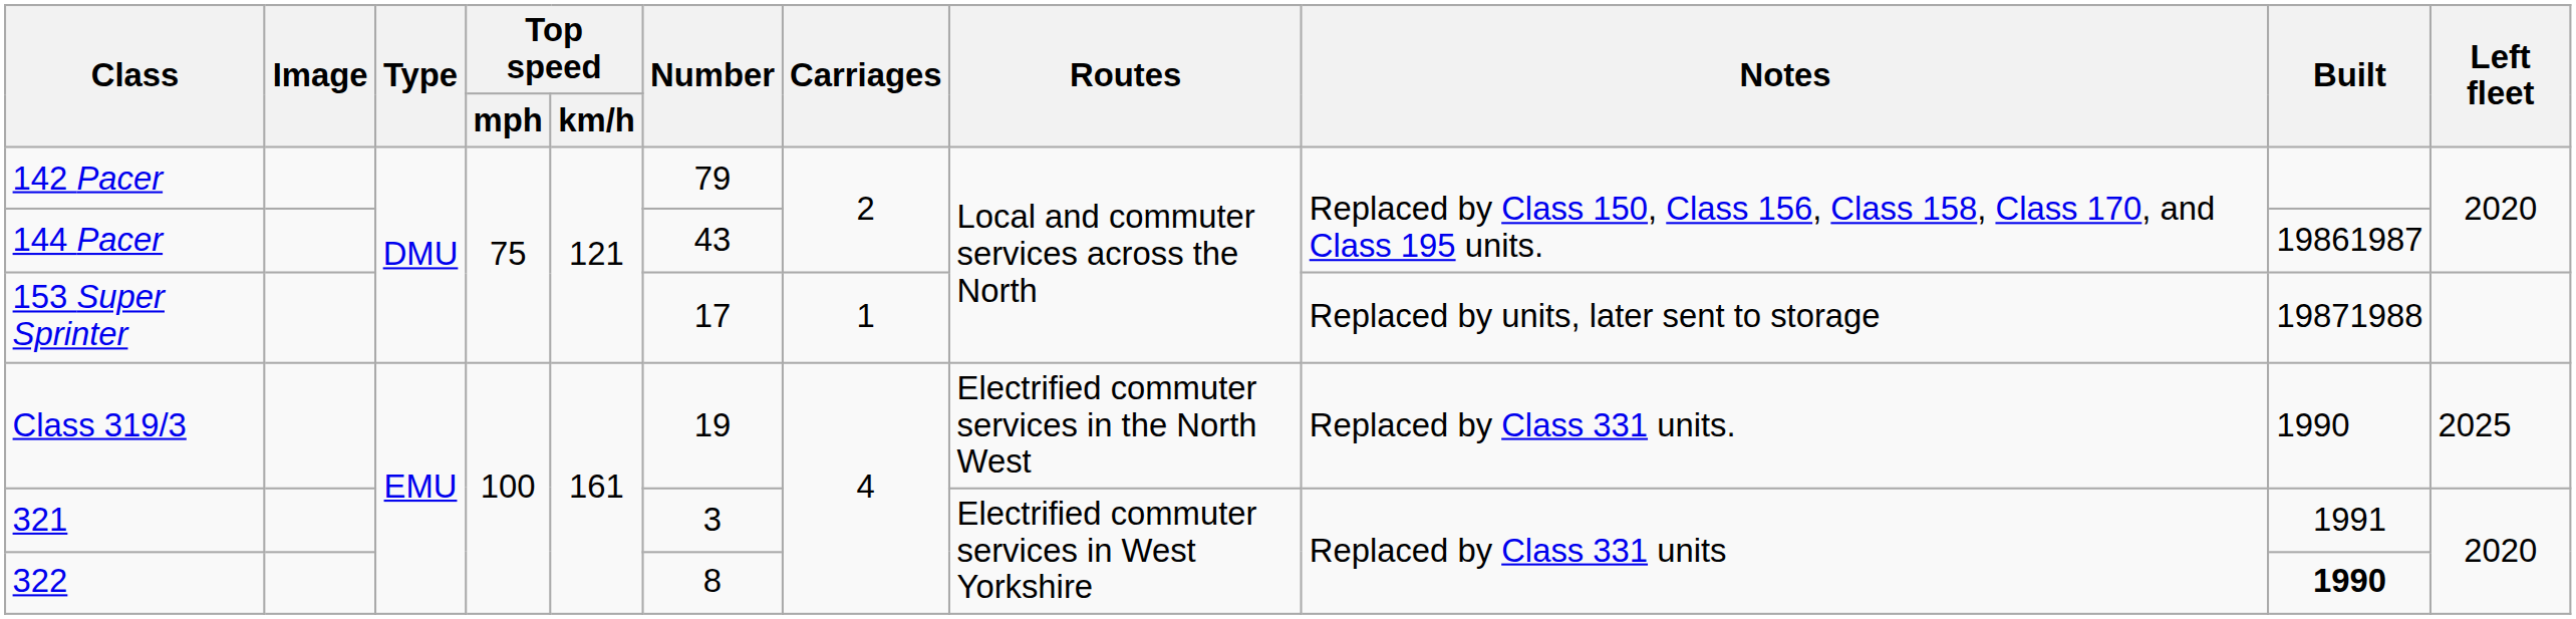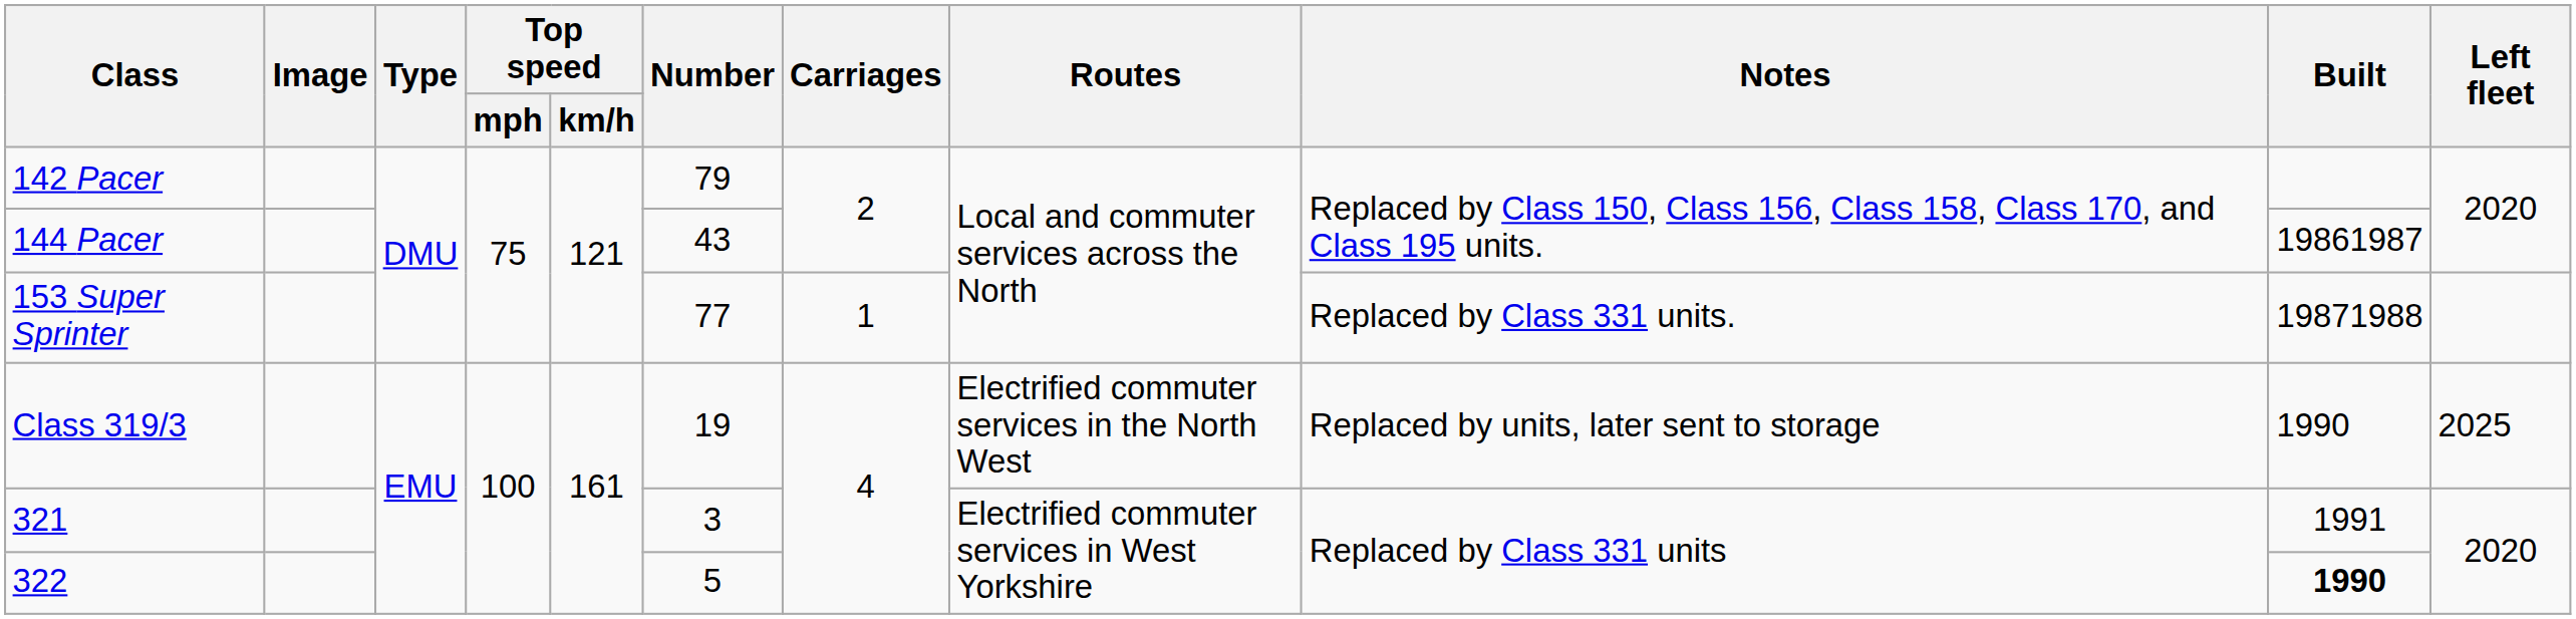 <table class="wikitable">
 <tr>
 <th rowspan="2">Class</th>
 <th rowspan="2">Image</th>
 <th rowspan="2">Type</th>
 <th colspan="2">Top speed</th>
 <th rowspan="2">Number</th>
 <th rowspan="2">Carriages</th>
 <th rowspan="2">Routes</th>
 <th rowspan="2">Notes</th>
 <th rowspan="2">Built</th>
 <th rowspan="2">Left fleet</th>
 </tr>
 <tr>
 <th>mph</th>
 <th>km/h</th>
 </tr>
 <tr>
 <td><a href='#'>142 <em>Pacer</em></a></td>
 <td></td>
 <td rowspan="3" style="text-align:center;"><a href='#'>DMU</a></td>
 <td rowspan="3" style="text-align:center;">75</td>
 <td rowspan="3" style="text-align:center;">121</td>
 <td style="text-align:center;">79</td>
 <td rowspan="2" style="text-align:center;">2</td>
 <td rowspan="3">Local and commuter<br>services across the North</td>
 <td rowspan="2" style="style="><br>Replaced by <a href='#'>Class 150</a>, <a href='#'>Class 156</a>, <a href='#'>Class 158</a>, <a href='#'>Class 170</a>, and <a href='#'>Class 195</a> units.</td>
 <td style="text-align:center;"></td>
 <td rowspan="2" style="text-align:center;">2020</td>
 </tr>
 <tr>
 <td><a href='#'>144 <em>Pacer</em></a></td>
 <td></td>
 <td style="text-align:center;">43</td>
 <td style="text-align:center;">19861987</td>
 </tr>
 <tr>
 <td><a href='#'>153 <em>Super Sprinter</em></a></td>
 <td></td>
-<td style="text-align:center;">17</td>
+<td style="text-align:center;">77</td>
 <td style="text-align:center;">1</td>
-<td>Replaced by  units, later sent to storage</td>
+<td>Replaced by <a href='#'>Class 331</a> units.</td>
 <td style="text-align:center;">19871988</td>
 <td rowspan="1" style="text-align:center;"></td>
 </tr>
 <tr>
 <td><a href='#'>Class 319/3</a></td>
 <td></td>
 <td rowspan="3" style="text-align:center;"><a href='#'>EMU</a></td>
 <td rowspan="3" style="text-align:center;">100</td>
 <td rowspan="3" style="text-align:center;">161</td>
 <td style="text-align:center;">19</td>
 <td rowspan="3" style="text-align:center;">4</td>
 <td>Electrified commuter<br>services in the North West</td>
-<td>Replaced by <a href='#'>Class 331</a> units.</td>
+<td>Replaced by  units, later sent to storage</td>
 <td>1990</td>
 <td>2025</td>
 </tr>
 <tr>
 <td><a href='#'>321</a></td>
 <td></td>
 <td style="text-align:center;">3</td>
 <td rowspan="2">Electrified commuter<br>services in West Yorkshire</td>
 <td rowspan="2">Replaced by <a href='#'>Class 331</a> units</td>
 <td style="text-align:center;">1991</td>
 <td rowspan="2" style="text-align:center;">2020</td>
 </tr>
 <tr>
 <td><a href='#'>322</a></td>
 <td></td>
-<td style="text-align:center;">8</td>
+<td style="text-align:center;">5</td>
 <td style="text-align:center;"><strong>1990</strong></td>
 </tr>
 </table>
